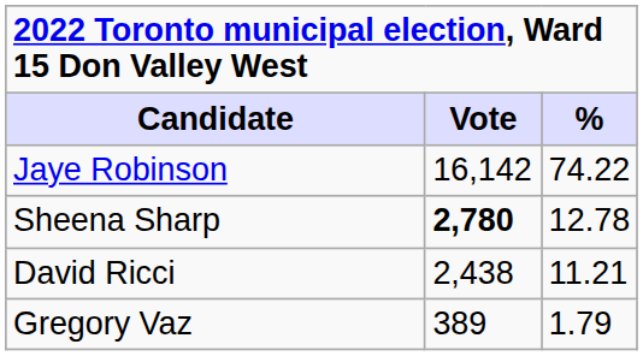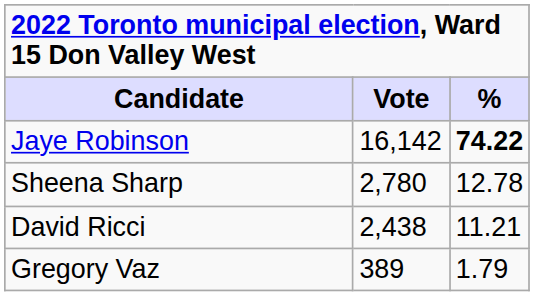 <table class="wikitable plainrowheaders">
 <tr>
 <td colspan="3"><strong><a href='#'>2022 Toronto municipal election</a>, Ward 15 Don Valley West</strong></td>
 </tr>
 <tr>
 <th style="background:#ddf; width:200px;">Candidate</th>
 <th style="background:#ddf; width:50px;">Vote</th>
 <th style="background:#ddf; width:30px;">%</th>
 </tr>
 <tr>
 <td><a href='#'>Jaye Robinson</a></td>
 <td>16,142</td>
-<td>74.22</td>
+<td><strong>74.22</strong></td>
 </tr>
 <tr>
 <td>Sheena Sharp</td>
-<td><strong>2,780</strong></td>
+<td>2,780</td>
 <td>12.78</td>
 </tr>
 <tr>
 <td>David Ricci</td>
 <td>2,438</td>
 <td>11.21</td>
 </tr>
 <tr>
 <td>Gregory Vaz</td>
 <td>389</td>
 <td>1.79</td>
 </tr>
 </table>
